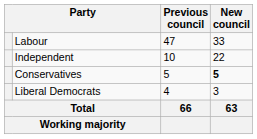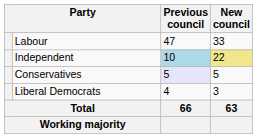 <table class="wikitable">
 <tr>
 <th valign=top colspan="2" style="width: 230px">Party</th>
 <th valign=top style="width: 30px">Previous council</th>
 <th valign=top style="width: 30px">New council</th>
 </tr>
 <tr>
 <th style="background-color: "></th>
 <td>Labour</td>
 <td>47</td>
 <td>33</td>
 </tr>
 <tr>
 <th style="background-color: "></th>
 <td>Independent</td>
-<td>10</td>
-<td>22</td>
+<td style="background: lightblue;">10</td>
+<td style="background: khaki;">22</td>
 </tr>
 <tr>
 <th style="background-color: "></th>
 <td>Conservatives</td>
+<td style="background: lavender;">5</td>
 <td>5</td>
-<td><strong>5</strong></td>
 </tr>
 <tr>
 <th style="background-color: "></th>
 <td>Liberal Democrats</td>
 <td>4</td>
 <td>3</td>
 </tr>
 <tr>
 <th colspan=2>Total</th>
 <th style="text-align: center">66</th>
 <th colspan=3>63</th>
 </tr>
 <tr>
 <th colspan=2>Working majority</th>
 <th></th>
 <th></th>
 </tr>
 </table>
